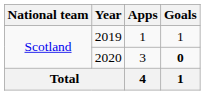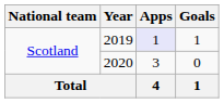 <table class="wikitable" style="text-align:center">
 <tr>
 <th>National team</th>
 <th>Year</th>
 <th>Apps</th>
 <th>Goals</th>
 </tr>
 <tr>
 <td rowspan="2"><a href='#'>Scotland</a></td>
 <td>2019</td>
-<td>1</td>
+<td style="background: lavender;">1</td>
 <td>1</td>
 </tr>
 <tr>
 <td>2020</td>
 <td>3</td>
-<td><strong>0</strong></td>
+<td>0</td>
 </tr>
 <tr>
 <th colspan=2>Total</th>
 <th>4</th>
 <th>1</th>
 </tr>
 </table>
